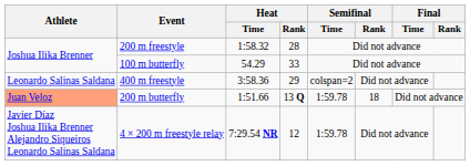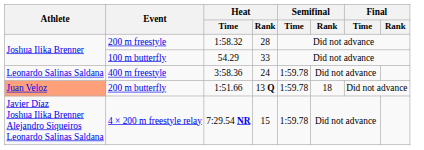 <table class=wikitable style="font-size:90%">
 <tr>
 <th rowspan="2">Athlete</th>
 <th rowspan="2">Event</th>
 <th colspan="2">Heat</th>
 <th colspan="2">Semifinal</th>
 <th colspan="2">Final</th>
 </tr>
 <tr style="font-size:95%">
 <th>Time</th>
 <th>Rank</th>
 <th>Time</th>
 <th>Rank</th>
 <th>Time</th>
 <th>Rank</th>
 </tr>
 <tr align=center>
 <td align=left rowspan=2><a href='#'>Joshua Ilika Brenner</a></td>
 <td align=left><a href='#'>200 m freestyle</a></td>
 <td>1:58.32</td>
 <td>28</td>
 <td colspan=4>Did not advance</td>
 </tr>
 <tr align=center>
 <td align=left><a href='#'>100 m butterfly</a></td>
 <td>54.29</td>
 <td>33</td>
 <td colspan=4>Did not advance</td>
 </tr>
 <tr align=center>
 <td align=left><a href='#'>Leonardo Salinas Saldana</a></td>
 <td align=left><a href='#'>400 m freestyle</a></td>
 <td>3:58.36</td>
-<td>29</td>
-<td>colspan=2 </td>
+<td>24</td>
+<td>1:59.78</td>
 <td colspan=2>Did not advance</td>
 </tr>
 <tr align=center>
 <td align=left style="background: lightsalmon;"><a href='#'>Juan Veloz</a></td>
 <td align=left><a href='#'>200 m butterfly</a></td>
 <td>1:51.66</td>
 <td>13 <strong>Q</strong></td>
 <td>1:59.78</td>
 <td>18</td>
 <td colspan=2>Did not advance</td>
 </tr>
 <tr align=center>
 <td align=left><a href='#'>Javier Díaz</a><br><a href='#'>Joshua Ilika Brenner</a><br><a href='#'>Alejandro Siqueiros</a><br><a href='#'>Leonardo Salinas Saldana</a></td>
 <td align=left><a href='#'>4 × 200 m freestyle relay</a></td>
 <td>7:29.54 <strong><a href='#'>NR</a></strong></td>
-<td>12</td>
+<td>15</td>
 <td>1:59.78</td>
 <td colspan=2>Did not advance</td>
 </tr>
 </table>
